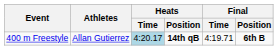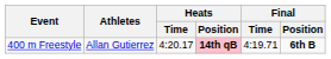 <table class="wikitable" border="1" style="font-size:90%">
 <tr>
 <th rowspan=2>Event</th>
 <th rowspan=2>Athletes</th>
 <th colspan=2>Heats</th>
 <th colspan=2>Final</th>
 </tr>
 <tr>
 <th>Time</th>
 <th>Position</th>
 <th>Time</th>
 <th>Position</th>
 </tr>
 <tr>
 <td><a href='#'>400 m Freestyle</a></td>
 <td><a href='#'>Allan Gutierrez</a></td>
-<td align=center style="background: lightblue;">4:20.17</td>
-<td align=center><strong>14th qB</strong></td>
+<td align=center>4:20.17</td>
+<td align=center style="background: pink;"><strong>14th qB</strong></td>
 <td align=center>4:19.71</td>
 <td align=center><strong>6th B</strong></td>
 </tr>
 </table>
